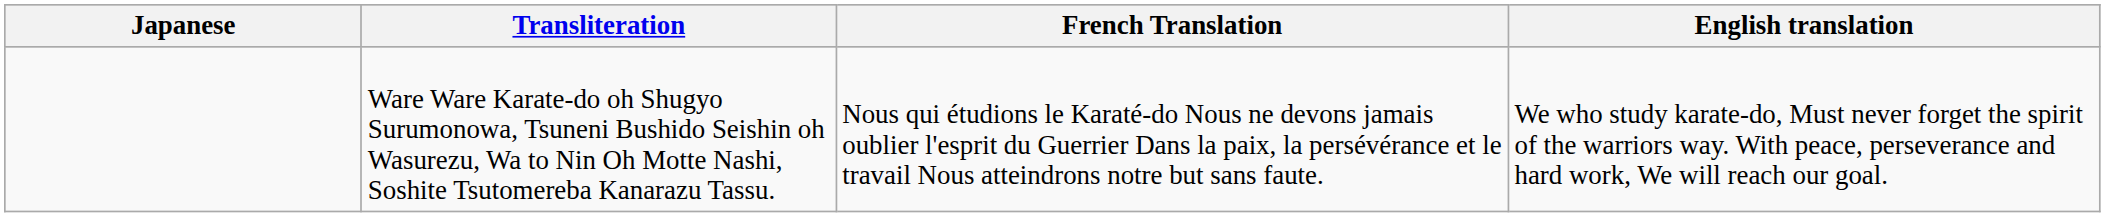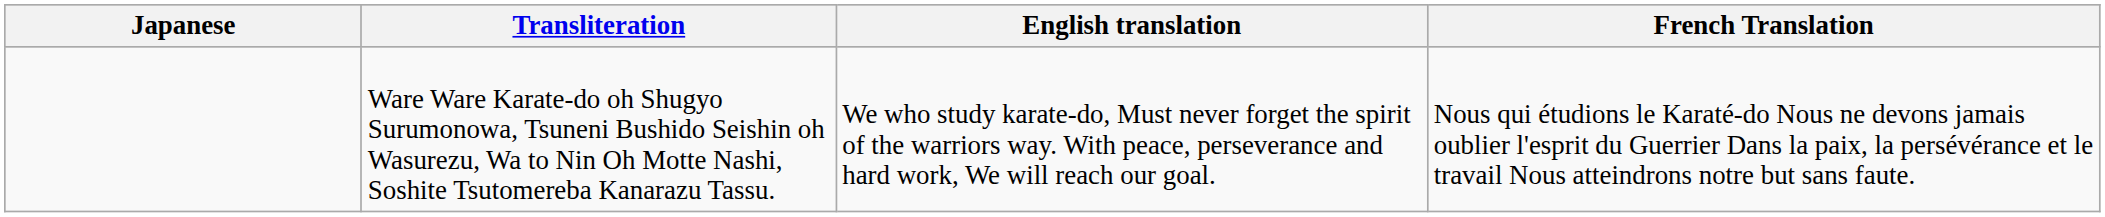 <table class="wikitable">
 <tr>
 <th width="205">Japanese</th>
 <th width="275"><a href='#'>Transliteration</a></th>
+<th>English translation</th>
 <th>French Translation</th>
-<th>English translation</th>
 </tr>
 <tr>
 <td><br></td>
 <td><br>Ware Ware Karate-do oh Shugyo Surumonowa, Tsuneni Bushido Seishin oh Wasurezu, Wa to Nin Oh Motte Nashi, Soshite Tsutomereba Kanarazu Tassu.</td>
+<td><br>We who study karate-do, Must never forget the spirit of the warriors way. With peace, perseverance and hard work, We will reach our goal.</td>
 <td><br>Nous qui étudions le Karaté-do Nous ne devons jamais oublier l'esprit du Guerrier Dans la paix, la persévérance et le travail Nous atteindrons notre but sans faute.</td>
-<td><br>We who study karate-do, Must never forget the spirit of the warriors way. With peace, perseverance and hard work, We will reach our goal.</td>
 </tr>
 </table>
